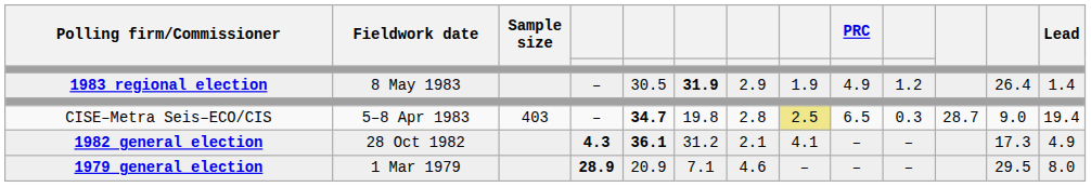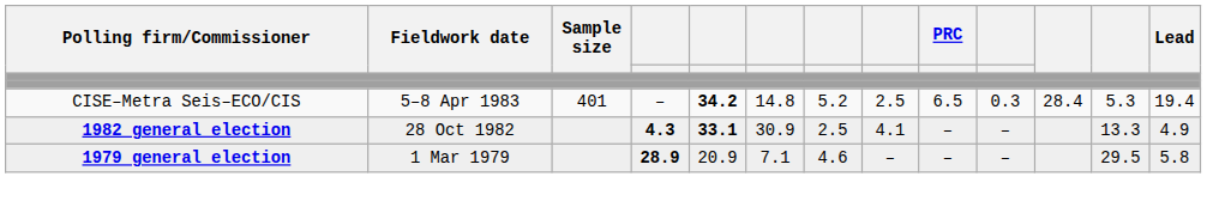 <table class="wikitable collapsible collapsed" style="text-align:center; font-size:90%; line-height:14px;">
 <tr style="height:42px;">
 <th style="width:250px;" rowspan="2">Polling firm/Commissioner</th>
 <th style="width:125px;" rowspan="2">Fieldwork date</th>
 <th style="width:50px;" rowspan="2">Sample size</th>
 <th style="width:35px;"></th>
 <th style="width:35px;"></th>
 <th style="width:35px;"></th>
 <th style="width:35px;"></th>
 <th style="width:35px;"></th>
 <th style="width:35px;"><a href='#'>PRC</a></th>
 <th style="width:35px;"></th>
 <th style="width:35px;" rowspan="2"></th>
 <th style="width:35px;" rowspan="2"></th>
 <th style="width:30px;" rowspan="2">Lead</th>
 </tr>
 <tr>
 <th style="color:inherit;background:"></th>
 <th style="color:inherit;background:"></th>
 <th style="color:inherit;background:"></th>
 <th style="color:inherit;background:"></th>
 <th style="color:inherit;background:"></th>
 <th style="color:inherit;background:"></th>
 <th style="color:inherit;background:"></th>
 </tr>
 <tr>
 <td colspan="13" style="background:#A0A0A0"></td>
 </tr>
-<tr style="background:#EFEFEF;">
-<td><strong><a href='#'>1983 regional election</a></strong></td>
-<td>8 May 1983</td>
-<td></td>
-<td>–</td>
-<td>30.5</td>
-<td><strong>31.9</strong></td>
-<td>2.9</td>
-<td>1.9</td>
-<td>4.9</td>
-<td>1.2</td>
-<td></td>
-<td>26.4</td>
-<td style="background:">1.4</td>
-</tr>
 <tr>
 <td colspan="13" style="background:#A0A0A0"></td>
 </tr>
 <tr>
 <td>CISE–Metra Seis–ECO/CIS</td>
 <td>5–8 Apr 1983</td>
-<td>403</td>
+<td>401</td>
 <td>–</td>
-<td><strong>34.7</strong></td>
-<td>19.8</td>
-<td>2.8</td>
-<td style="background: khaki;">2.5</td>
+<td><strong>34.2</strong></td>
+<td>14.8</td>
+<td>5.2</td>
+<td>2.5</td>
 <td>6.5</td>
 <td>0.3</td>
-<td>28.7</td>
-<td>9.0</td>
+<td>28.4</td>
+<td>5.3</td>
 <td style="background:">19.4</td>
 </tr>
 <tr style="background:#EFEFEF;">
 <td><strong><a href='#'>1982 general election</a></strong></td>
 <td>28 Oct 1982</td>
 <td></td>
 <td><strong>4.3</strong></td>
-<td><strong>36.1</strong></td>
-<td>31.2</td>
-<td>2.1</td>
+<td><strong>33.1</strong></td>
+<td>30.9</td>
+<td>2.5</td>
 <td>4.1</td>
 <td>–</td>
 <td>–</td>
 <td></td>
-<td>17.3</td>
+<td>13.3</td>
 <td style="background:">4.9</td>
 </tr>
 <tr style="background:#EFEFEF;">
 <td><strong><a href='#'>1979 general election</a></strong></td>
 <td>1 Mar 1979</td>
 <td></td>
 <td><strong>28.9</strong></td>
 <td>20.9</td>
 <td>7.1</td>
 <td>4.6</td>
 <td>–</td>
 <td>–</td>
 <td>–</td>
 <td></td>
 <td>29.5</td>
-<td style="background:">8.0</td>
+<td style="background:">5.8</td>
 </tr>
 </table>
